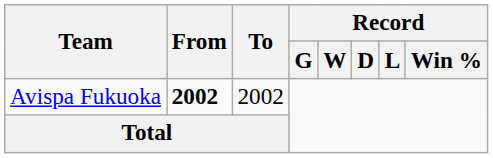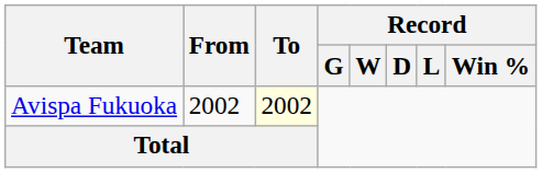 <table class="wikitable" style="text-align: center">
 <tr>
 <th rowspan="2">Team</th>
 <th rowspan="2">From</th>
 <th rowspan="2">To</th>
 <th colspan="5">Record</th>
 </tr>
 <tr>
 <th>G</th>
 <th>W</th>
 <th>D</th>
 <th>L</th>
 <th>Win %</th>
 </tr>
 <tr>
 <td align="left"><a href='#'>Avispa Fukuoka</a></td>
-<td align="left"><strong>2002</strong></td>
-<td align="left">2002<br></td>
+<td align="left">2002</td>
+<td align="left" style="background: lightyellow;">2002<br></td>
 </tr>
 <tr>
 <th colspan="3">Total<br></th>
 </tr>
 </table>
